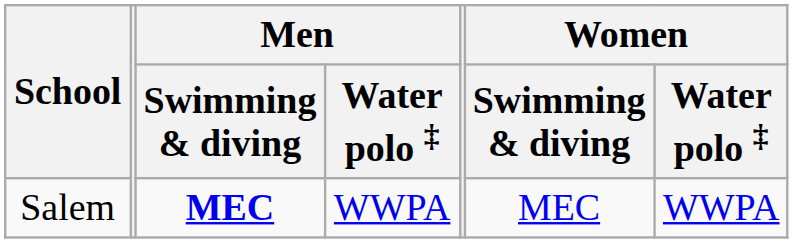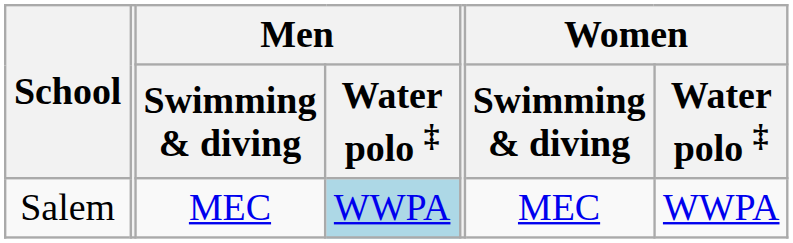 <table class="wikitable" style="text-align:center">
 <tr>
 <th rowspan=2>School</th>
 <th rowspan=3 width=1 style="padding:0"></th>
 <th colspan=2>Men</th>
 <th rowspan=3 width=1 style="padding:0"></th>
 <th colspan=3>Women</th>
 </tr>
 <tr>
 <th>Swimming<br>& diving</th>
 <th>Water<br>polo <sup>‡</sup></th>
 <th>Swimming<br>& diving</th>
 <th>Water<br>polo <sup>‡</sup></th>
 </tr>
 <tr>
 <td>Salem</td>
-<td><strong><a href='#'>MEC</a></strong></td>
-<td><a href='#'>WWPA</a></td>
+<td><a href='#'>MEC</a></td>
+<td style="background: lightblue;"><a href='#'>WWPA</a></td>
 <td><a href='#'>MEC</a></td>
 <td><a href='#'>WWPA</a></td>
 </tr>
 </table>
